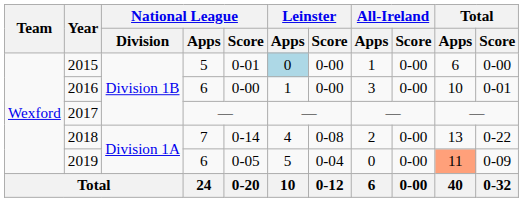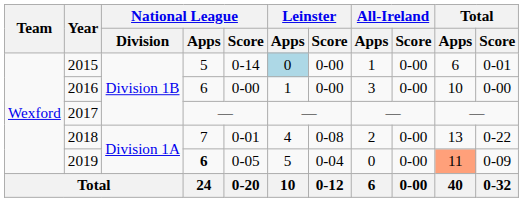 <table class="wikitable" style="text-align:center">
 <tr>
 <th rowspan="2">Team</th>
 <th rowspan="2">Year</th>
 <th colspan="3"><a href='#'>National League</a></th>
 <th colspan="2"><a href='#'>Leinster</a></th>
 <th colspan="2"><a href='#'>All-Ireland</a></th>
 <th colspan="2">Total</th>
 </tr>
 <tr>
 <th>Division</th>
 <th>Apps</th>
 <th>Score</th>
 <th>Apps</th>
 <th>Score</th>
 <th>Apps</th>
 <th>Score</th>
 <th>Apps</th>
 <th>Score</th>
 </tr>
 <tr>
 <td rowspan="5"><a href='#'>Wexford</a></td>
 <td>2015</td>
 <td rowspan="3"><a href='#'>Division 1B</a></td>
 <td>5</td>
-<td>0-01</td>
+<td>0-14</td>
 <td style="background: lightblue;">0</td>
 <td>0-00</td>
 <td>1</td>
 <td>0-00</td>
 <td>6</td>
-<td>0-00</td>
+<td>0-01</td>
 </tr>
 <tr>
 <td>2016</td>
 <td>6</td>
 <td>0-00</td>
 <td>1</td>
 <td>0-00</td>
 <td>3</td>
 <td>0-00</td>
 <td>10</td>
-<td>0-01</td>
+<td>0-00</td>
 </tr>
 <tr>
 <td>2017</td>
 <td colspan=2>—</td>
 <td colspan=2>—</td>
 <td colspan=2>—</td>
 <td colspan=2>—</td>
 </tr>
 <tr>
 <td>2018</td>
 <td rowspan="2"><a href='#'>Division 1A</a></td>
 <td>7</td>
-<td>0-14</td>
+<td>0-01</td>
 <td>4</td>
 <td>0-08</td>
 <td>2</td>
 <td>0-00</td>
 <td>13</td>
 <td>0-22</td>
 </tr>
 <tr>
 <td>2019</td>
-<td>6</td>
+<td><strong>6</strong></td>
 <td>0-05</td>
 <td>5</td>
 <td>0-04</td>
 <td>0</td>
 <td>0-00</td>
 <td style="background: lightsalmon;">11</td>
 <td>0-09</td>
 </tr>
 <tr>
 <th colspan="3">Total</th>
 <th>24</th>
 <th>0-20</th>
 <th>10</th>
 <th>0-12</th>
 <th>6</th>
 <th>0-00</th>
 <th>40</th>
 <th>0-32</th>
 </tr>
 </table>
